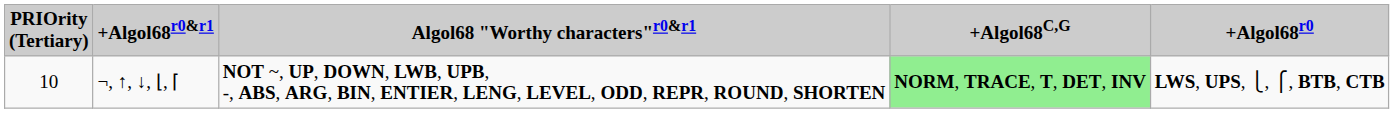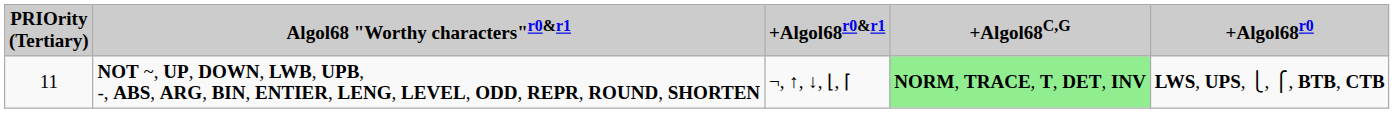 <table class="wikitable">
 <tr>
 <th style="background:#ccc;"><strong>PRIO</strong>rity<br>(Tertiary)</th>
+<th style="background:#ccc;">Algol68 "Worthy characters"<sup><a href='#'>r0</a>&<a href='#'>r1</a></sup></th>
 <th style="background:#ccc;">+Algol68<sup><a href='#'>r0</a>&<a href='#'>r1</a></sup></th>
-<th style="background:#ccc;">Algol68 "Worthy characters"<sup><a href='#'>r0</a>&<a href='#'>r1</a></sup></th>
 <th style="background:#ccc;">+Algol68<sup>C,G</sup></th>
 <th style="background:#ccc;">+Algol68<sup><a href='#'>r0</a></sup></th>
 </tr>
 <tr>
-<td ALIGN=CENTER>10</td>
+<td ALIGN=CENTER>11</td>
+<td><strong>NOT</strong> ~, <strong>UP</strong>, <strong>DOWN</strong>, <strong>LWB</strong>, <strong>UPB</strong>,<br>-, <strong>ABS</strong>, <strong>ARG</strong>, <strong>BIN</strong>, <strong>ENTIER</strong>, <strong>LENG</strong>, <strong>LEVEL</strong>, <strong>ODD</strong>, <strong>REPR</strong>, <strong>ROUND</strong>, <strong>SHORTEN</strong></td>
 <td>¬, ↑, ↓, ⌊, ⌈</td>
-<td><strong>NOT</strong> ~, <strong>UP</strong>, <strong>DOWN</strong>, <strong>LWB</strong>, <strong>UPB</strong>,<br>-, <strong>ABS</strong>, <strong>ARG</strong>, <strong>BIN</strong>, <strong>ENTIER</strong>, <strong>LENG</strong>, <strong>LEVEL</strong>, <strong>ODD</strong>, <strong>REPR</strong>, <strong>ROUND</strong>, <strong>SHORTEN</strong></td>
 <td style="background: lightgreen;"><strong>NORM</strong>, <strong>TRACE</strong>, <strong>T</strong>, <strong>DET</strong>, <strong>INV</strong></td>
 <td><strong>LWS</strong>, <strong>UPS</strong>, ⎩, ⎧, <strong>BTB</strong>, <strong>CTB</strong></td>
 </tr>
 </table>
